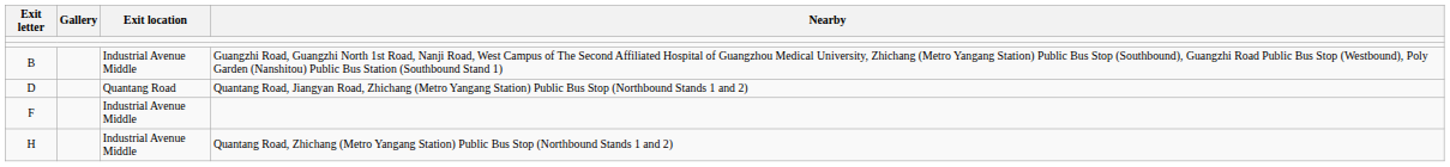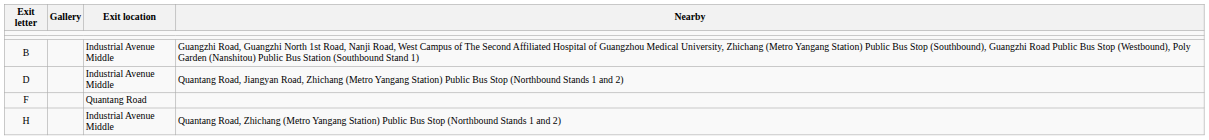 <table class="wikitable">
 <tr>
 <th style="width:70px" colspan="2">Exit letter</th>
 <th>Gallery</th>
 <th>Exit location</th>
 <th>Nearby</th>
 </tr>
 <tr style="background:#">
 <td colspan = "6"></td>
 </tr>
 <tr style="background:#">
 <td colspan = "6"></td>
 </tr>
 <tr>
 <td align="center" colspan="2">B</td>
 <td></td>
 <td>Industrial Avenue Middle</td>
 <td>Guangzhi Road, Guangzhi North 1st Road, Nanji Road, West Campus of The Second Affiliated Hospital of Guangzhou Medical University, Zhichang (Metro Yangang Station) Public Bus Stop (Southbound), Guangzhi Road Public Bus Stop (Westbound), Poly Garden (Nanshitou) Public Bus Station (Southbound Stand 1)</td>
 </tr>
 <tr>
 <td align="center" colspan="2">D</td>
 <td></td>
-<td>Quantang Road</td>
+<td>Industrial Avenue Middle</td>
 <td>Quantang Road, Jiangyan Road, Zhichang (Metro Yangang Station) Public Bus Stop (Northbound Stands 1 and 2)</td>
 </tr>
 <tr>
 <td align="center" colspan="2">F</td>
 <td></td>
-<td>Industrial Avenue Middle</td>
+<td>Quantang Road</td>
 <td></td>
 </tr>
 <tr>
 <td align="center" colspan="2">H</td>
 <td></td>
 <td>Industrial Avenue Middle</td>
 <td>Quantang Road, Zhichang (Metro Yangang Station) Public Bus Stop (Northbound Stands 1 and 2)</td>
 </tr>
 </table>
